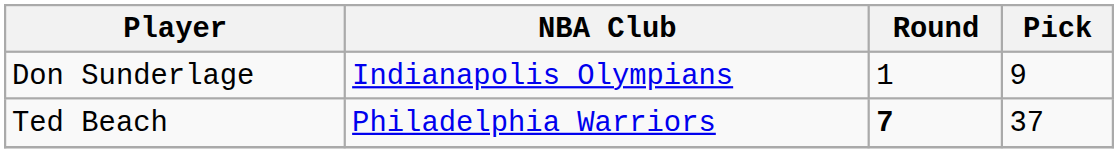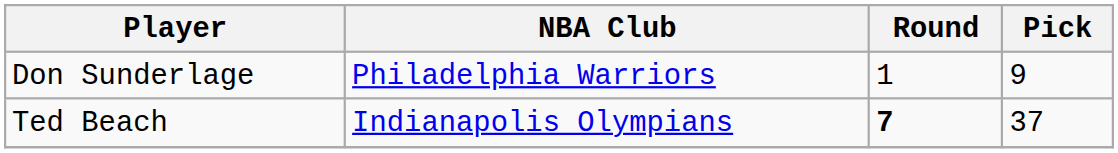 <table class="wikitable" width="500">
 <tr>
 <th>Player</th>
 <th>NBA Club</th>
 <th>Round</th>
 <th>Pick</th>
 </tr>
 <tr>
 <td>Don Sunderlage</td>
-<td><a href='#'>Indianapolis Olympians</a></td>
+<td><a href='#'>Philadelphia Warriors</a></td>
 <td>1</td>
 <td>9</td>
 </tr>
 <tr>
 <td>Ted Beach</td>
-<td><a href='#'>Philadelphia Warriors</a></td>
+<td><a href='#'>Indianapolis Olympians</a></td>
 <td><strong>7</strong></td>
 <td>37</td>
 </tr>
 <tr>
 </tr>
 </table>
